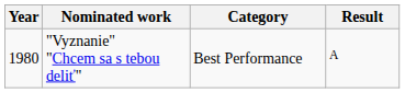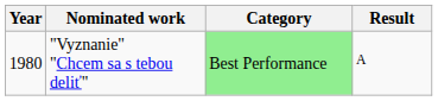 <table class="wikitable">
 <tr>
 <th style="width:32px;">Year</th>
 <th style="width:147px;">Nominated work</th>
 <th style="width:135px;">Category</th>
 <th style="width:69px;">Result</th>
 </tr>
 <tr>
 <td rowspan="2">1980</td>
 <td>"Vyznanie" <br>"<a href='#'>Chcem sa s tebou deliť</a>"</td>
-<td>Best Performance</td>
+<td style="background: lightgreen;">Best Performance</td>
 <td><sup>A</sup></td>
 </tr>
 </table>
